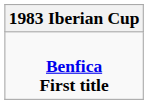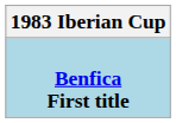 <table class=wikitable style="text-align: center; margin: 0 auto;">
 <tr>
 <th>1983 Iberian Cup</th>
 </tr>
 <tr>
-<td align=center><br><strong><a href='#'>Benfica</a></strong><br><strong>First title</strong></td>
+<td align=center style="background: lightblue;"><br><strong><a href='#'>Benfica</a></strong><br><strong>First title</strong></td>
 </tr>
 </table>
